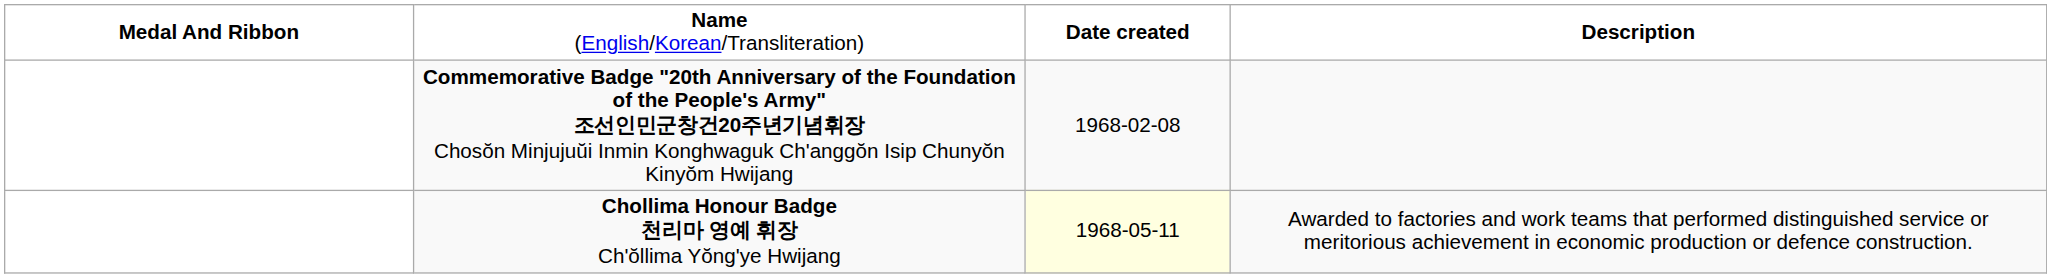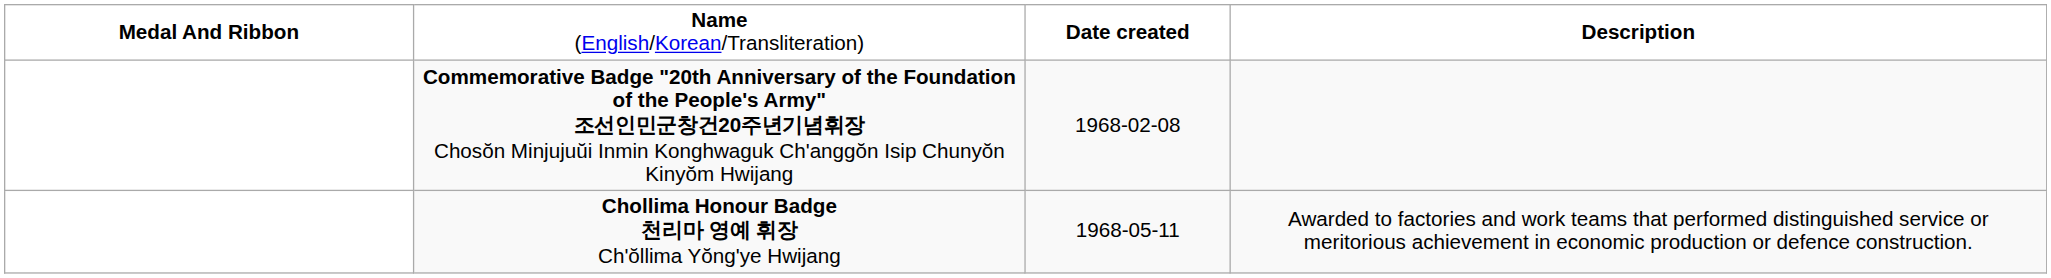 <table class="wikitable" width="100%" style="text-align:center;">
 <tr>
 <td width="20%" bgcolor="#FFFFFF"><strong>Medal And Ribbon</strong></td>
 <td width="30%" bgcolor="#FFFFFF"><strong>Name</strong><br>(<a href='#'>English</a>/<a href='#'>Korean</a>/Transliteration)</td>
 <td width="10%" bgcolor="#FFFFFF"><strong>Date created</strong></td>
 <td width="40%" bgcolor="#FFFFFF"><strong>Description</strong></td>
 </tr>
 <tr>
 <td bgcolor="#FFFFFF"></td>
 <td><strong>Commemorative Badge "20th Anniversary of the Foundation of the People's Army"</strong><br><strong>조선인민군창건20주년기념휘장</strong><br>Chosŏn Minjujuŭi Inmin Konghwaguk Ch'anggŏn Isip Chunyŏn Kinyŏm Hwijang</td>
 <td>1968-02-08</td>
 <td></td>
 </tr>
 <tr>
 <td bgcolor="#FFFFFF"></td>
 <td><strong>Chollima Honour Badge</strong><br><strong>천리마 영예 휘장</strong><br>Ch'ŏllima Yŏng'ye Hwijang</td>
-<td style="background: lightyellow;">1968-05-11</td>
+<td>1968-05-11</td>
 <td>Awarded to factories and work teams that performed distinguished service or meritorious achievement in economic production or defence construction.</td>
 </tr>
 </table>
